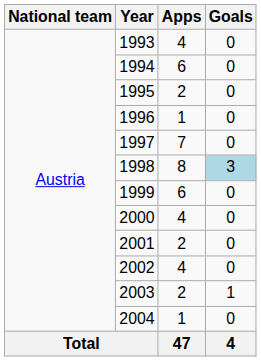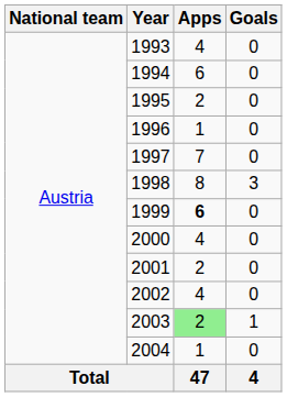 <table class="wikitable" style="text-align:center">
 <tr>
 <th>National team</th>
 <th>Year</th>
 <th>Apps</th>
 <th>Goals</th>
 </tr>
 <tr>
 <td rowspan="12"><a href='#'>Austria</a></td>
 <td>1993</td>
 <td>4</td>
 <td>0</td>
 </tr>
 <tr>
 <td>1994</td>
 <td>6</td>
 <td>0</td>
 </tr>
 <tr>
 <td>1995</td>
 <td>2</td>
 <td>0</td>
 </tr>
 <tr>
 <td>1996</td>
 <td>1</td>
 <td>0</td>
 </tr>
 <tr>
 <td>1997</td>
 <td>7</td>
 <td>0</td>
 </tr>
 <tr>
 <td>1998</td>
 <td>8</td>
-<td style="background: lightblue;">3</td>
+<td>3</td>
 </tr>
 <tr>
 <td>1999</td>
-<td>6</td>
+<td><strong>6</strong></td>
 <td>0</td>
 </tr>
 <tr>
 <td>2000</td>
 <td>4</td>
 <td>0</td>
 </tr>
 <tr>
 <td>2001</td>
 <td>2</td>
 <td>0</td>
 </tr>
 <tr>
 <td>2002</td>
 <td>4</td>
 <td>0</td>
 </tr>
 <tr>
 <td>2003</td>
-<td>2</td>
+<td style="background: lightgreen;">2</td>
 <td>1</td>
 </tr>
 <tr>
 <td>2004</td>
 <td>1</td>
 <td>0</td>
 </tr>
 <tr>
 <th colspan="2">Total</th>
 <th>47</th>
 <th>4</th>
 </tr>
 </table>
